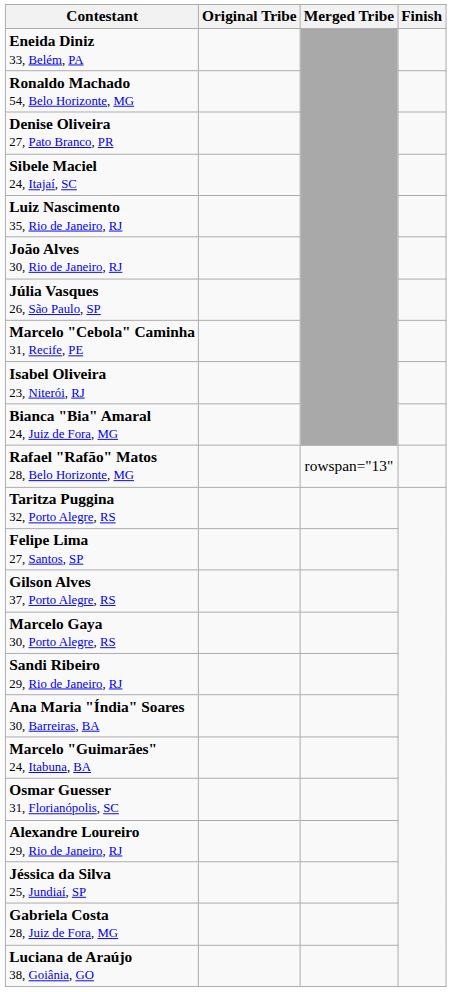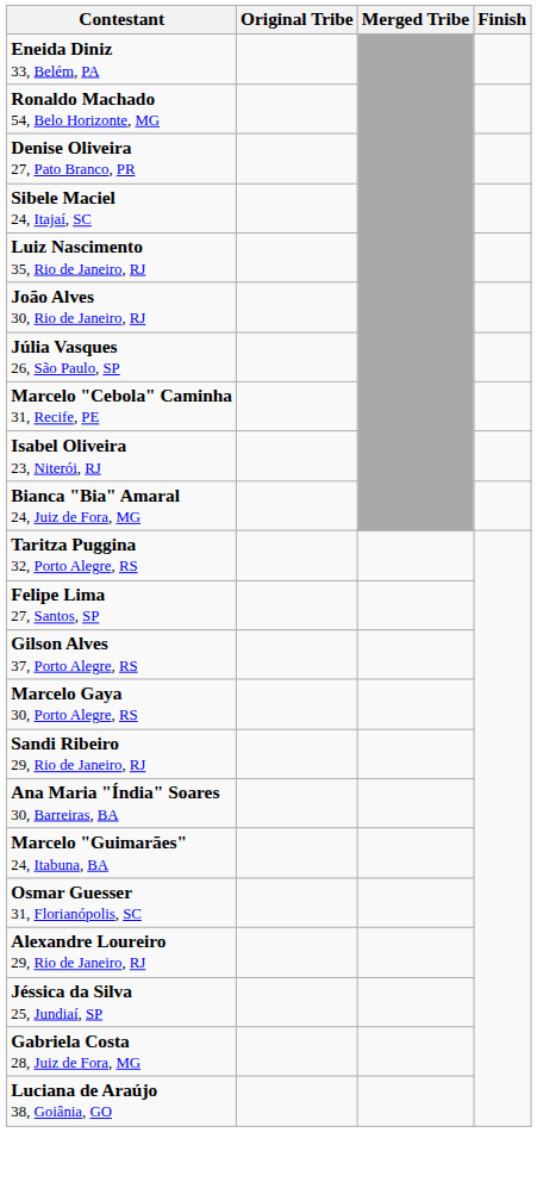 <table class="wikitable sortable" style="margin:auto; text-align:center">
 <tr>
 <th>Contestant</th>
 <th>Original Tribe</th>
 <th>Merged Tribe</th>
 <th>Finish</th>
 </tr>
 <tr>
 <td align="left"><strong>Eneida Diniz</strong><br><small>33, <a href='#'>Belém</a>, <a href='#'>PA</a></small></td>
 <td></td>
 <td rowspan="10" bgcolor="darkgray"></td>
 <td></td>
 </tr>
 <tr>
 <td align="left"><strong>Ronaldo Machado</strong><br><small>54, <a href='#'>Belo Horizonte</a>, <a href='#'>MG</a></small></td>
 <td></td>
 <td></td>
 </tr>
 <tr>
 <td align="left"><strong>Denise Oliveira</strong><br><small>27, <a href='#'>Pato Branco</a>, <a href='#'>PR</a></small></td>
 <td></td>
 <td></td>
 </tr>
 <tr>
 <td align="left"><strong>Sibele Maciel</strong><br><small>24, <a href='#'>Itajaí</a>, <a href='#'>SC</a></small></td>
 <td></td>
 <td></td>
 </tr>
 <tr>
 <td align="left"><strong>Luiz Nascimento</strong><br><small>35, <a href='#'>Rio de Janeiro</a>, <a href='#'>RJ</a></small></td>
 <td></td>
 <td></td>
 </tr>
 <tr>
 <td align="left"><strong>João Alves</strong><br><small>30, <a href='#'>Rio de Janeiro</a>, <a href='#'>RJ</a></small></td>
 <td></td>
 <td></td>
 </tr>
 <tr>
 <td align="left"><strong>Júlia Vasques</strong><br><small>26, <a href='#'>São Paulo</a>, <a href='#'>SP</a></small></td>
 <td></td>
 <td></td>
 </tr>
 <tr>
 <td align="left"><strong>Marcelo "Cebola" Caminha</strong><br><small>31, <a href='#'>Recife</a>, <a href='#'>PE</a></small></td>
 <td></td>
 <td></td>
 </tr>
 <tr>
 <td align="left"><strong>Isabel Oliveira</strong><br><small>23, <a href='#'>Niterói</a>, <a href='#'>RJ</a></small></td>
 <td></td>
 <td></td>
 </tr>
 <tr>
 <td align="left"><strong>Bianca "Bia" Amaral</strong><br><small>24, <a href='#'>Juiz de Fora</a>, <a href='#'>MG</a></small></td>
 <td></td>
-<td></td>
-</tr>
-<tr>
-<td align="left"><strong>Rafael "Rafão" Matos</strong><br><small>28, <a href='#'>Belo Horizonte</a>, <a href='#'>MG</a></small></td>
-<td></td>
-<td>rowspan="13" </td>
 <td></td>
 </tr>
 <tr>
 <td align="left"><strong>Taritza Puggina</strong><br><small>32, <a href='#'>Porto Alegre</a>, <a href='#'>RS</a></small></td>
 <td></td>
 <td></td>
 </tr>
 <tr>
 <td align="left"><strong>Felipe Lima</strong><br><small>27, <a href='#'>Santos</a>, <a href='#'>SP</a></small></td>
 <td></td>
 <td></td>
 </tr>
 <tr>
 <td align="left"><strong>Gilson Alves</strong><br><small>37, <a href='#'>Porto Alegre</a>, <a href='#'>RS</a></small></td>
 <td></td>
 <td></td>
 </tr>
 <tr>
 <td align="left"><strong>Marcelo Gaya</strong><br><small>30, <a href='#'>Porto Alegre</a>, <a href='#'>RS</a></small></td>
 <td></td>
 <td></td>
 </tr>
 <tr>
 <td align="left"><strong>Sandi Ribeiro</strong><br><small>29, <a href='#'>Rio de Janeiro</a>, <a href='#'>RJ</a></small></td>
 <td></td>
 <td></td>
 </tr>
 <tr>
 <td align="left"><strong>Ana Maria "Índia" Soares</strong><br><small>30, <a href='#'>Barreiras</a>, <a href='#'>BA</a></small></td>
 <td></td>
 <td></td>
 </tr>
 <tr>
 <td align="left"><strong>Marcelo "Guimarães"</strong><br><small>24, <a href='#'>Itabuna</a>, <a href='#'>BA</a></small></td>
 <td></td>
 <td></td>
 </tr>
 <tr>
 <td align="left"><strong>Osmar Guesser</strong><br><small>31, <a href='#'>Florianópolis</a>, <a href='#'>SC</a></small></td>
 <td></td>
 <td></td>
 </tr>
 <tr>
 <td align="left"><strong>Alexandre Loureiro</strong><br><small>29, <a href='#'>Rio de Janeiro</a>, <a href='#'>RJ</a></small></td>
 <td></td>
 <td></td>
 </tr>
 <tr>
 <td align="left"><strong>Jéssica da Silva</strong><br><small>25, <a href='#'>Jundiaí</a>, <a href='#'>SP</a></small></td>
 <td></td>
 <td></td>
 </tr>
 <tr>
 <td align="left"><strong>Gabriela Costa</strong><br><small>28, <a href='#'>Juiz de Fora</a>, <a href='#'>MG</a></small></td>
 <td></td>
 <td></td>
 </tr>
 <tr>
 <td align="left"><strong>Luciana de Araújo</strong><br><small>38, <a href='#'>Goiânia</a>, <a href='#'>GO</a></small></td>
 <td></td>
 <td></td>
 </tr>
 </table>
